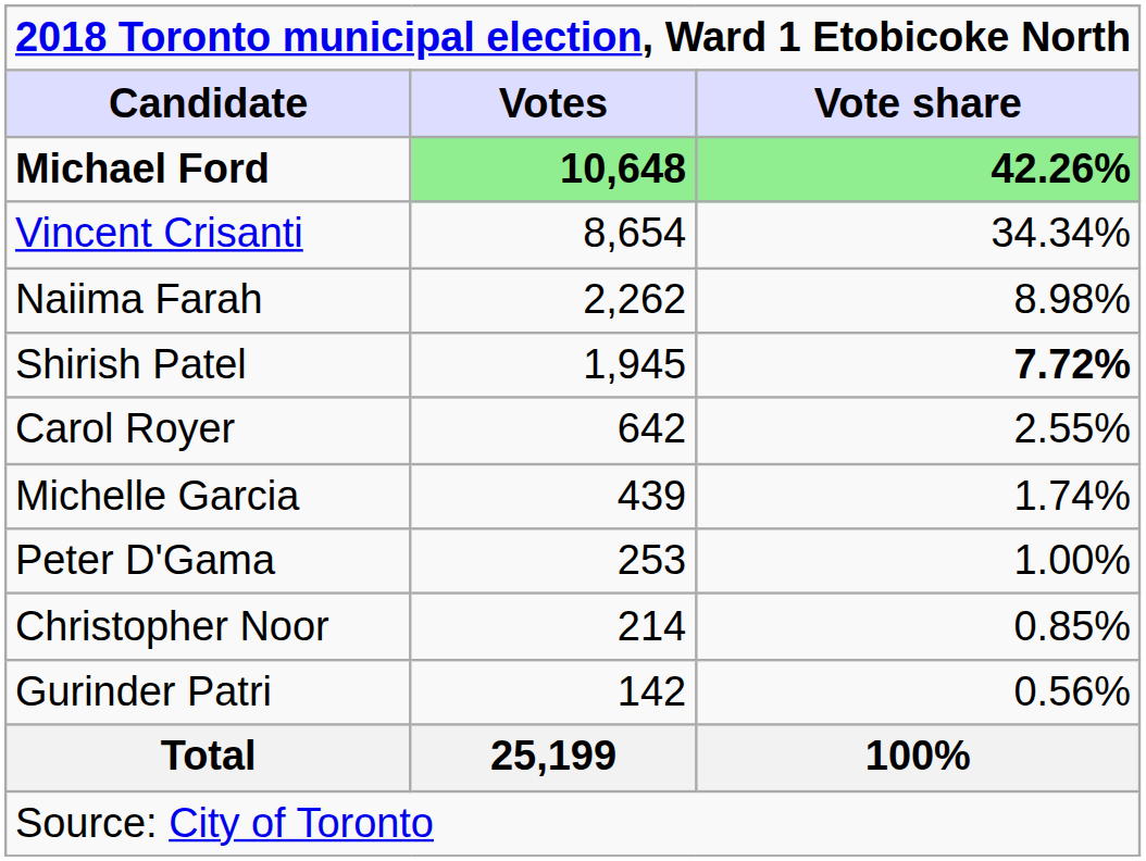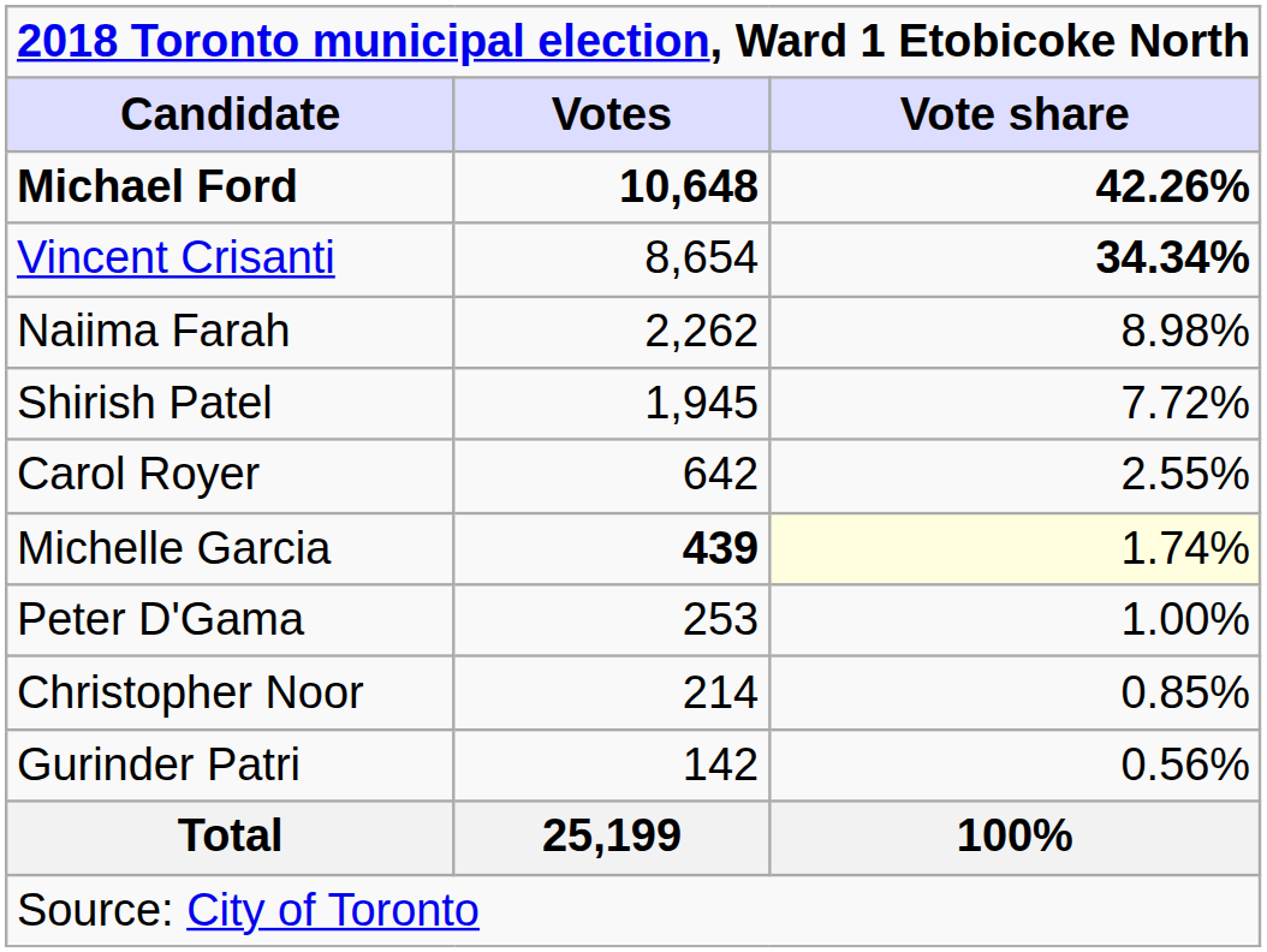 <table class="wikitable plainrowheaders">
 <tr>
 <td colspan="3"><strong><a href='#'>2018 Toronto municipal election</a>, Ward 1 Etobicoke North</strong></td>
 </tr>
 <tr>
 <th scope="col" style="background:#ddf; width:150px;">Candidate</th>
 <th scope="col" style="background:#ddf;">Votes</th>
 <th scope="col" style="background:#ddf;">Vote share</th>
 </tr>
 <tr>
 <td scope="row"><strong>Michael Ford</strong></td>
-<td align="right" style="background: lightgreen;"><strong>10,648</strong></td>
-<td align="right" style="background: lightgreen;"><strong>42.26%</strong></td>
+<td align="right"><strong>10,648</strong></td>
+<td align="right"><strong>42.26%</strong></td>
 </tr>
 <tr>
 <td scope="row"><a href='#'>Vincent Crisanti</a></td>
 <td align="right">8,654</td>
-<td align="right">34.34%</td>
+<td align="right"><strong>34.34%</strong></td>
 </tr>
 <tr>
 <td scope="row">Naiima Farah</td>
 <td align="right">2,262</td>
 <td align="right">8.98%</td>
 </tr>
 <tr>
 <td scope="row">Shirish Patel</td>
 <td align="right">1,945</td>
-<td align="right"><strong>7.72%</strong></td>
+<td align="right">7.72%</td>
 </tr>
 <tr>
 <td>Carol Royer</td>
 <td align="right">642</td>
 <td align="right">2.55%</td>
 </tr>
 <tr>
 <td>Michelle Garcia</td>
-<td align="right">439</td>
-<td align="right">1.74%</td>
+<td align="right"><strong>439</strong></td>
+<td align="right" style="background: lightyellow;">1.74%</td>
 </tr>
 <tr>
 <td>Peter D'Gama</td>
 <td align="right">253</td>
 <td align="right">1.00%</td>
 </tr>
 <tr>
 <td>Christopher Noor</td>
 <td align="right">214</td>
 <td align="right">0.85%</td>
 </tr>
 <tr>
 <td>Gurinder Patri</td>
 <td align="right">142</td>
 <td align="right">0.56%</td>
 </tr>
 <tr>
 <th scope="row"><strong>Total</strong></th>
 <th align="right">25,199</th>
 <th align="right">100%</th>
 </tr>
 <tr>
 <td colspan="3">Source: <a href='#'>City of Toronto</a></td>
 </tr>
 </table>
